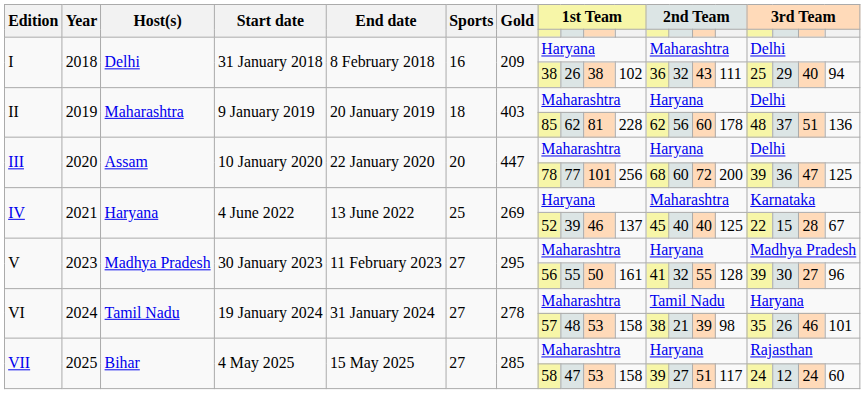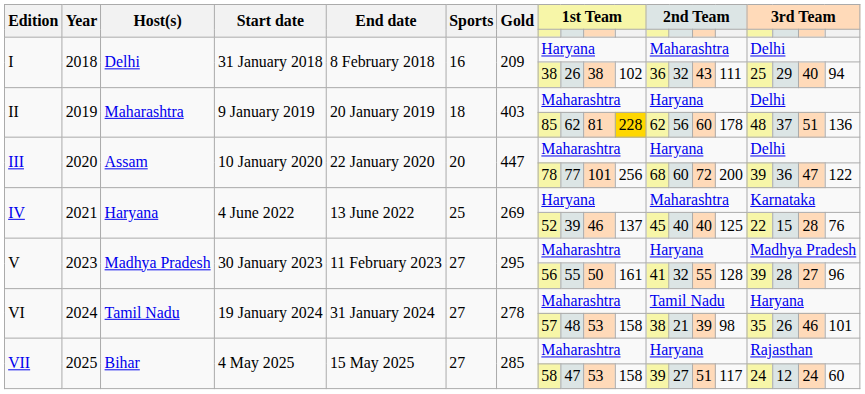 <table class="wikitable" style="text">
 <tr>
 <th rowspan="2">Edition</th>
 <th rowspan="2">Year</th>
 <th rowspan="2">Host(s)</th>
 <th rowspan="2">Start date</th>
 <th rowspan="2">End date</th>
 <th rowspan="2">Sports</th>
 <th rowspan="2">Gold</th>
 <th colspan="4" style="background:#f7f6a8;">1st Team</th>
 <th colspan="4" style="background:#dce5e5;">2nd Team</th>
 <th colspan="4" style="background:#ffdab9;">3rd Team</th>
 </tr>
 <tr>
 <th style="background:#f7f6a8;"></th>
 <th style="background:#dce5e5;"></th>
 <th style="background:#ffdab9;"></th>
 <th></th>
 <th style="background:#f7f6a8;"></th>
 <th style="background:#dce5e5;"></th>
 <th style="background:#ffdab9;"></th>
 <th></th>
 <th style="background:#f7f6a8;"></th>
 <th style="background:#dce5e5;"></th>
 <th style="background:#ffdab9;"></th>
 <th></th>
 </tr>
 <tr>
 <td rowspan="2">I</td>
 <td rowspan="2">2018</td>
 <td rowspan="2"><a href='#'>Delhi</a></td>
 <td rowspan="2">31 January 2018</td>
 <td rowspan="2">8 February 2018</td>
 <td rowspan="2">16</td>
 <td rowspan="2">209</td>
 <td colspan="4"> <a href='#'>Haryana</a></td>
 <td colspan="4"> <a href='#'>Maharashtra</a></td>
 <td colspan="4"> <a href='#'>Delhi</a></td>
 </tr>
 <tr>
 <td style="background:#f7f6a8;">38</td>
 <td style="background:#dce5e5;">26</td>
 <td style="background:#ffdab9;">38</td>
 <td>102</td>
 <td style="background:#f7f6a8;">36</td>
 <td style="background:#dce5e5;">32</td>
 <td style="background:#ffdab9;">43</td>
 <td>111</td>
 <td style="background:#f7f6a8;">25</td>
 <td style="background:#dce5e5;">29</td>
 <td style="background:#ffdab9;">40</td>
 <td>94</td>
 </tr>
 <tr>
 <td rowspan="2">II</td>
 <td rowspan="2">2019</td>
 <td rowspan="2"><a href='#'>Maharashtra</a></td>
 <td rowspan="2">9 January 2019</td>
 <td rowspan="2">20 January 2019</td>
 <td rowspan="2">18</td>
 <td rowspan="2">403</td>
 <td colspan="4"> <a href='#'>Maharashtra</a></td>
 <td colspan="4"> <a href='#'>Haryana</a></td>
 <td colspan="4"> <a href='#'>Delhi</a></td>
 </tr>
 <tr>
 <td style="background:#f7f6a8;">85</td>
 <td style="background:#dce5e5;">62</td>
 <td style="background:#ffdab9;">81</td>
-<td>228</td>
+<td style="background: gold;">228</td>
 <td style="background:#f7f6a8;">62</td>
 <td style="background:#dce5e5;">56</td>
 <td style="background:#ffdab9;">60</td>
 <td>178</td>
 <td style="background:#f7f6a8;">48</td>
 <td style="background:#dce5e5;">37</td>
 <td style="background:#ffdab9;">51</td>
 <td>136</td>
 </tr>
 <tr>
 <td rowspan="2"><a href='#'>III</a></td>
 <td rowspan="2">2020</td>
 <td rowspan="2"><a href='#'>Assam</a></td>
 <td rowspan="2">10 January 2020</td>
 <td rowspan="2">22 January 2020</td>
 <td rowspan="2">20</td>
 <td rowspan="2">447</td>
 <td colspan="4"> <a href='#'>Maharashtra</a></td>
 <td colspan="4"> <a href='#'>Haryana</a></td>
 <td colspan="4"> <a href='#'>Delhi</a></td>
 </tr>
 <tr>
 <td style="background:#f7f6a8;">78</td>
 <td style="background:#dce5e5;">77</td>
 <td style="background:#ffdab9;">101</td>
 <td>256</td>
 <td style="background:#f7f6a8;">68</td>
 <td style="background:#dce5e5;">60</td>
 <td style="background:#ffdab9;">72</td>
 <td>200</td>
 <td style="background:#f7f6a8;">39</td>
 <td style="background:#dce5e5;">36</td>
 <td style="background:#ffdab9;">47</td>
-<td>125</td>
+<td>122</td>
 </tr>
 <tr>
 <td rowspan="2"><a href='#'>IV</a></td>
 <td rowspan="2">2021</td>
 <td rowspan="2"><a href='#'>Haryana</a></td>
 <td rowspan="2">4 June 2022 </td>
 <td rowspan="2">13 June 2022</td>
 <td rowspan="2">25</td>
 <td rowspan="2">269</td>
 <td colspan="4"> <a href='#'>Haryana</a></td>
 <td colspan="4"> <a href='#'>Maharashtra</a></td>
 <td colspan="4"> <a href='#'>Karnataka</a></td>
 </tr>
 <tr>
 <td style="background:#f7f6a8;">52</td>
 <td style="background:#dce5e5;">39</td>
 <td style="background:#ffdab9;">46</td>
 <td>137</td>
 <td style="background:#f7f6a8;">45</td>
 <td style="background:#dce5e5;">40</td>
 <td style="background:#ffdab9;">40</td>
 <td>125</td>
 <td style="background:#f7f6a8;">22</td>
 <td style="background:#dce5e5;">15</td>
 <td style="background:#ffdab9;">28</td>
-<td>67</td>
+<td>76</td>
 </tr>
 <tr>
 <td rowspan="2">V</td>
 <td rowspan="2">2023</td>
 <td rowspan="2"><a href='#'>Madhya Pradesh</a></td>
 <td rowspan="2">30 January 2023</td>
 <td rowspan="2">11 February 2023</td>
 <td rowspan="2">27</td>
 <td rowspan="2">295</td>
 <td colspan="4"> <a href='#'>Maharashtra</a></td>
 <td colspan="4"> <a href='#'>Haryana</a></td>
 <td colspan="4"> <a href='#'>Madhya Pradesh</a></td>
 </tr>
 <tr>
 <td style="background:#f7f6a8;">56</td>
 <td style="background:#dce5e5;">55</td>
 <td style="background:#ffdab9;">50</td>
 <td>161</td>
 <td style="background:#f7f6a8;">41</td>
 <td style="background:#dce5e5;">32</td>
 <td style="background:#ffdab9;">55</td>
 <td>128</td>
 <td style="background:#f7f6a8;">39</td>
-<td style="background:#dce5e5;">30</td>
+<td style="background:#dce5e5;">28</td>
 <td style="background:#ffdab9;">27</td>
 <td>96</td>
 </tr>
 <tr>
 <td rowspan="2">VI</td>
 <td rowspan="2">2024</td>
 <td rowspan="2"><a href='#'>Tamil Nadu</a></td>
 <td rowspan="2">19 January 2024</td>
 <td rowspan="2">31 January 2024</td>
 <td rowspan="2">27</td>
 <td rowspan="2">278</td>
 <td colspan="4"> <a href='#'>Maharashtra</a></td>
 <td colspan="4"> <a href='#'>Tamil Nadu</a></td>
 <td colspan="4"> <a href='#'>Haryana</a></td>
 </tr>
 <tr>
 <td style="background:#f7f6a8;">57</td>
 <td style="background:#dce5e5;">48</td>
 <td style="background:#ffdab9;">53</td>
 <td>158</td>
 <td style="background:#f7f6a8;">38</td>
 <td style="background:#dce5e5;">21</td>
 <td style="background:#ffdab9;">39</td>
 <td>98</td>
 <td style="background:#f7f6a8;">35</td>
 <td style="background:#dce5e5;">26</td>
 <td style="background:#ffdab9;">46</td>
 <td>101</td>
 </tr>
 <tr>
 <td rowspan="2"><a href='#'>VII</a></td>
 <td rowspan="2">2025</td>
 <td rowspan="2"><a href='#'>Bihar</a></td>
 <td rowspan="2">4 May 2025</td>
 <td rowspan="2">15 May 2025</td>
 <td rowspan="2">27</td>
 <td rowspan="2">285</td>
 <td colspan="4"> <a href='#'>Maharashtra</a></td>
 <td colspan="4"> <a href='#'>Haryana</a></td>
 <td colspan="4"><a href='#'>Rajasthan</a></td>
 </tr>
 <tr>
 <td style="background:#f7f6a8;">58</td>
 <td style="background:#dce5e5;">47</td>
 <td style="background:#ffdab9;">53</td>
 <td>158</td>
 <td style="background:#f7f6a8;">39</td>
 <td style="background:#dce5e5;">27</td>
 <td style="background:#ffdab9;">51</td>
 <td>117</td>
 <td style="background:#f7f6a8;">24</td>
 <td style="background:#dce5e5;">12</td>
 <td style="background:#ffdab9;">24</td>
 <td>60</td>
 </tr>
 </table>
